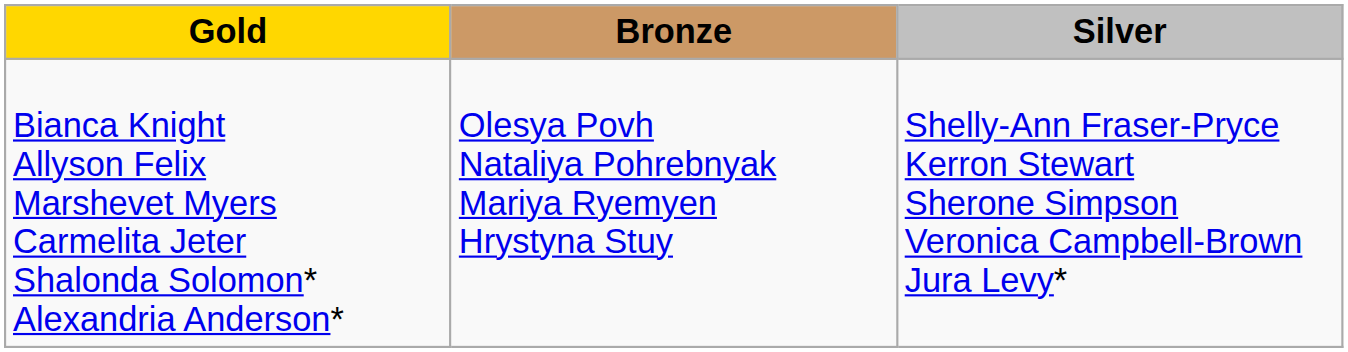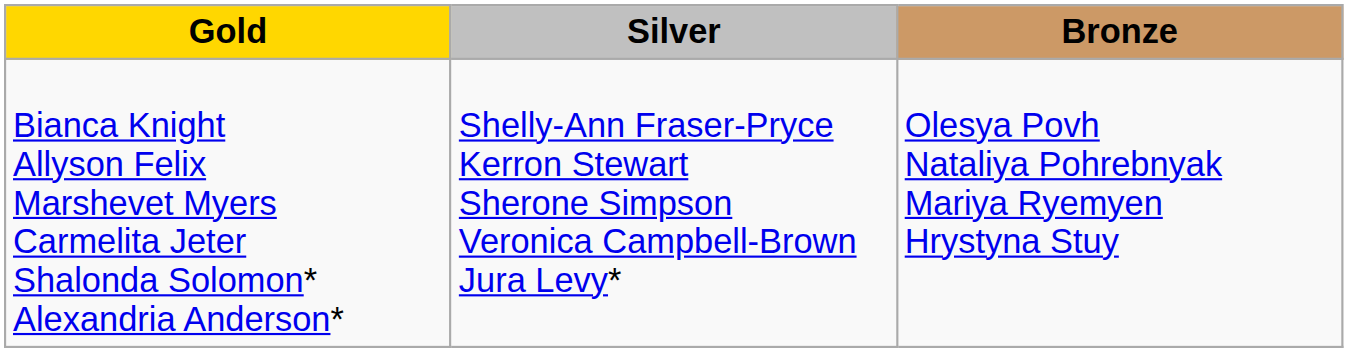 <table class="wikitable" style="text-align:left">
 <tr align="center">
 <td width=200 bgcolor=gold><strong>Gold</strong></td>
+<td width=200 bgcolor=silver><strong>Silver</strong></td>
 <td width=200 bgcolor=CC9966><strong>Bronze</strong></td>
-<td width=200 bgcolor=silver><strong>Silver</strong></td>
 </tr>
 <tr>
 <td valign=top><em></em><br><a href='#'>Bianca Knight</a><br><a href='#'>Allyson Felix</a><br><a href='#'>Marshevet Myers</a><br><a href='#'>Carmelita Jeter</a><br><a href='#'>Shalonda Solomon</a>*<br><a href='#'>Alexandria Anderson</a>*</td>
+<td valign=top><em></em><br><a href='#'>Shelly-Ann Fraser-Pryce</a><br><a href='#'>Kerron Stewart</a><br><a href='#'>Sherone Simpson</a><br><a href='#'>Veronica Campbell-Brown</a><br><a href='#'>Jura Levy</a>*</td>
 <td valign=top><em></em><br><a href='#'>Olesya Povh</a><br><a href='#'>Nataliya Pohrebnyak</a><br><a href='#'>Mariya Ryemyen</a><br><a href='#'>Hrystyna Stuy</a></td>
-<td valign=top><em></em><br><a href='#'>Shelly-Ann Fraser-Pryce</a><br><a href='#'>Kerron Stewart</a><br><a href='#'>Sherone Simpson</a><br><a href='#'>Veronica Campbell-Brown</a><br><a href='#'>Jura Levy</a>*</td>
 </tr>
 </table>
